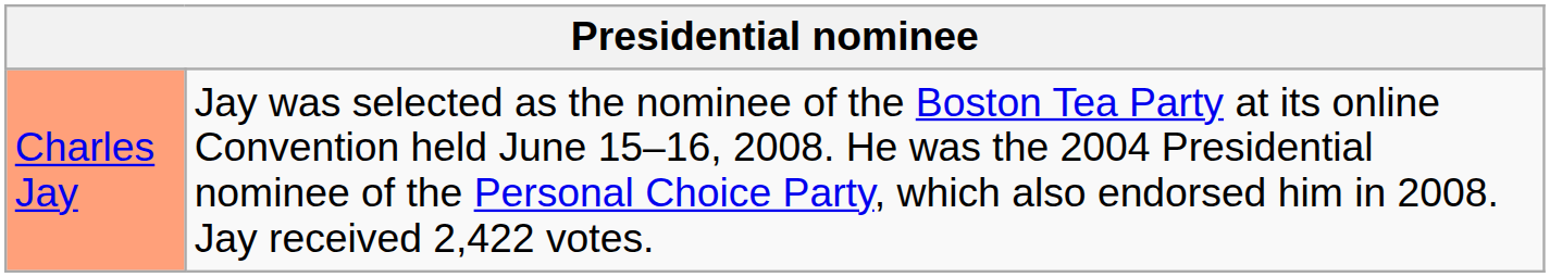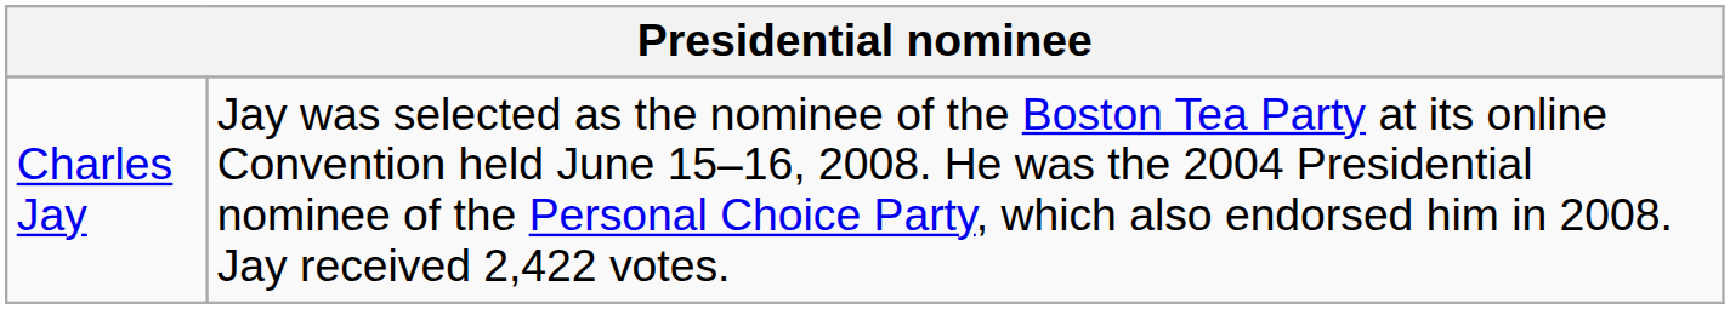 <table class=wikitable>
 <tr>
 <th colspan=4>Presidential nominee</th>
 </tr>
 <tr>
-<td style="background: lightsalmon;"><a href='#'>Charles Jay</a></td>
+<td><a href='#'>Charles Jay</a></td>
 <td>Jay was selected as the nominee of the <a href='#'>Boston Tea Party</a> at its online Convention held June 15–16, 2008. He was the 2004 Presidential nominee of the <a href='#'>Personal Choice Party</a>, which also endorsed him in 2008. Jay received 2,422 votes.</td>
 </tr>
 </table>
